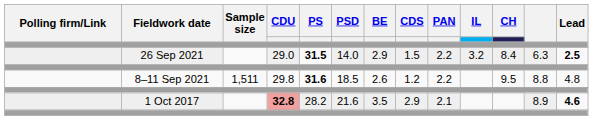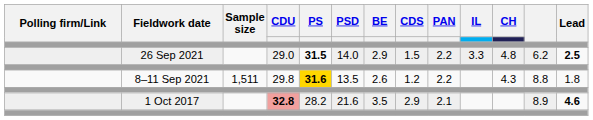 <table class="wikitable sortable mw-datatable" style="text-align:center;font-size:90%;line-height:16px;">
 <tr style="height:42px;">
 <th style="width:145px;" rowspan="2">Polling firm/Link</th>
 <th style="width:125px;" rowspan="2">Fieldwork date</th>
 <th class="unsortable" style="width:50px;" rowspan="2">Sample size</th>
 <th class="unsortable" style="width:35px;"><a href='#'>CDU</a></th>
 <th class="unsortable" style="width:35px;"><a href='#'>PS</a></th>
 <th class="unsortable" style="width:35px;"><a href='#'>PSD</a></th>
 <th class="unsortable" style="width:35px;"><a href='#'>BE</a></th>
 <th class="unsortable" style="width:35px;"><a href='#'>CDS</a></th>
 <th class="unsortable" style="width:35px;"><a href='#'>PAN</a></th>
 <th class="unsortable" style="width:35px;"><a href='#'>IL</a></th>
 <th class="unsortable" style="width:35px;"><a href='#'>CH</a></th>
 <th class="unsortable" style="width:35px;" rowspan="2"></th>
 <th class="unsortable" style="width:30px;" rowspan="2">Lead</th>
 </tr>
 <tr>
 <th class="unsortable" style="color:inherit;background:"></th>
 <th class="unsortable" style="color:inherit;background:"></th>
 <th class="unsortable" style="color:inherit;background:"></th>
 <th class="unsortable" style="color:inherit;background:"></th>
 <th class="unsortable" style="color:inherit;background:"></th>
 <th class="sortable" style="background:"></th>
 <th class="sortable" style="background:#00ADEF;"></th>
 <th class="sortable" style="background:#202056;"></th>
 </tr>
 <tr>
 <td colspan="13" style="background:#A0A0A0"></td>
 </tr>
 <tr>
 <td style="background:#EFEFEF;"><strong></strong></td>
 <td style="background:#EFEFEF;" data-sort-value="2019-10-06">26 Sep 2021</td>
 <td></td>
 <td style="background:#EFEFEF;">29.0<br></td>
 <td><strong>31.5</strong><br></td>
 <td style="background:#EFEFEF;">14.0<br></td>
 <td style="background:#EFEFEF;">2.9<br></td>
 <td style="background:#EFEFEF;">1.5<br></td>
 <td style="background:#EFEFEF;">2.2<br></td>
-<td style="background:#EFEFEF;">3.2<br></td>
-<td style="background:#EFEFEF;">8.4<br></td>
-<td style="background:#EFEFEF;">6.3<br></td>
+<td style="background:#EFEFEF;">3.3<br></td>
+<td style="background:#EFEFEF;">4.8<br></td>
+<td style="background:#EFEFEF;">6.2<br></td>
 <td style="background:"><strong>2.5</strong></td>
 </tr>
 <tr>
 <td colspan="13" style="background:#A0A0A0"></td>
 </tr>
 <tr>
 <td align="center"><br></td>
 <td align="center">8–11 Sep 2021</td>
 <td align="center">1,511</td>
 <td align="center">29.8<br></td>
-<td align="center" ><strong>31.6</strong><br></td>
-<td align="center">18.5<br></td>
+<td align="center"  style="background: gold;"><strong>31.6</strong><br></td>
+<td align="center">13.5<br></td>
 <td align="center">2.6<br></td>
 <td align="center">1.2<br></td>
 <td align="center">2.2<br></td>
 <td></td>
-<td align="center">9.5<br></td>
+<td align="center">4.3<br></td>
 <td align="center">8.8<br></td>
-<td style="background:">4.8</td>
+<td style="background:">1.8</td>
 </tr>
 <tr>
 <td colspan="13" style="background:#A0A0A0"></td>
 </tr>
 <tr>
 <td style="background:#EFEFEF;"><strong></strong></td>
 <td style="background:#EFEFEF;" data-sort-value="2019-10-06">1 Oct 2017</td>
 <td></td>
 <td style="background:#F1A09E"><strong>32.8</strong><br></td>
 <td style="background:#EFEFEF;">28.2<br></td>
 <td style="background:#EFEFEF;">21.6<br></td>
 <td style="background:#EFEFEF;">3.5<br></td>
 <td style="background:#EFEFEF;">2.9<br></td>
 <td style="background:#EFEFEF;">2.1<br></td>
 <td></td>
 <td></td>
 <td style="background:#EFEFEF;">8.9<br></td>
 <td style="background:"><strong>4.6</strong></td>
 </tr>
 <tr>
 <td colspan="13" style="background:#A0A0A0"></td>
 </tr>
 </table>
